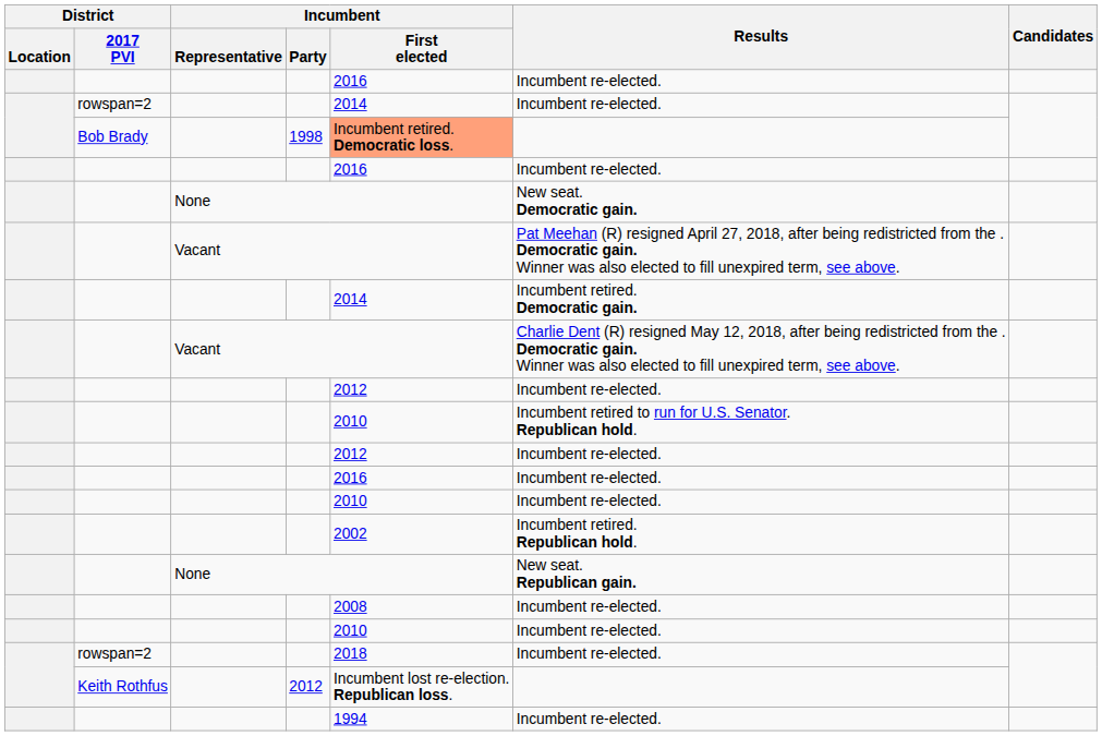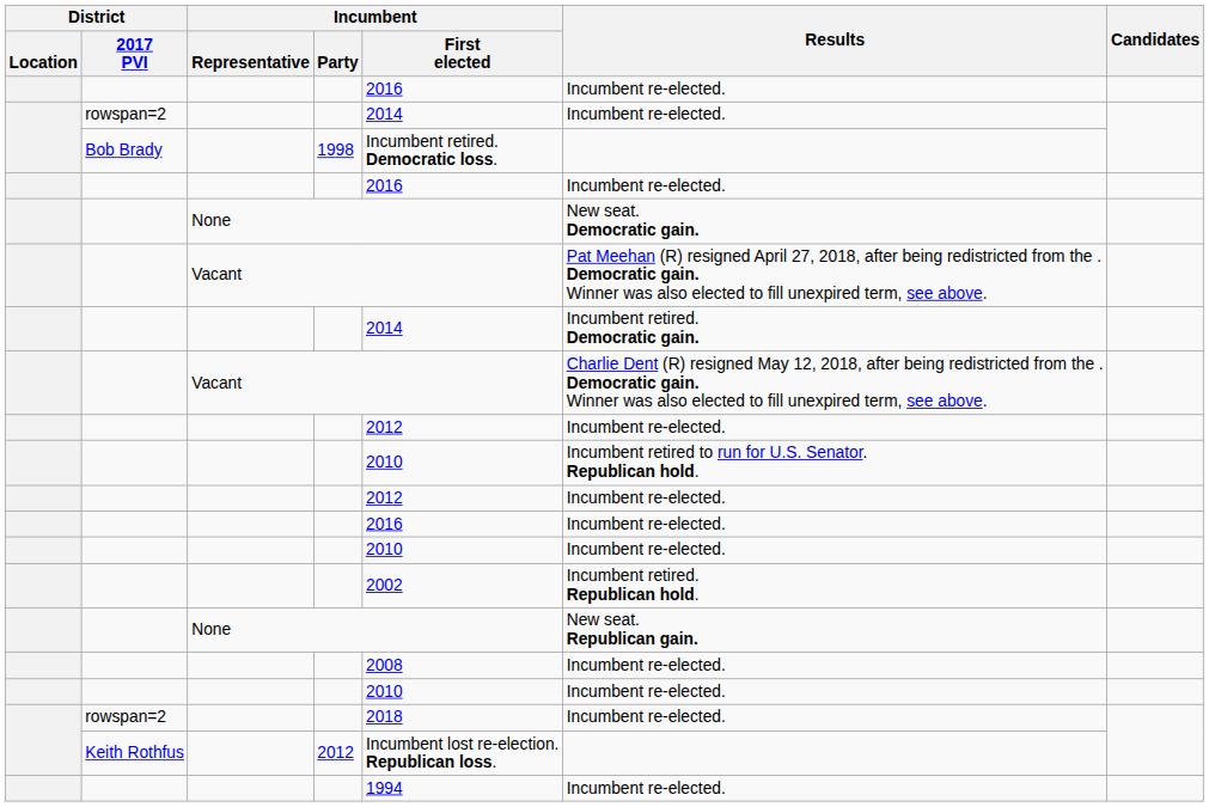 <table class="wikitable sortable">
 <tr>
 <th colspan=2>District</th>
 <th colspan=3>Incumbent</th>
 <th rowspan=2>Results</th>
 <th rowspan=2>Candidates</th>
 </tr>
 <tr valign=bottom>
 <th>Location</th>
 <th><a href='#'>2017<br>PVI</a></th>
 <th>Representative</th>
 <th>Party</th>
 <th>First<br>elected</th>
 </tr>
 <tr>
 <th></th>
 <td></td>
 <td><br></td>
 <td></td>
 <td><a href='#'>2016</a></td>
 <td>Incumbent re-elected.</td>
 <td nowrap></td>
 </tr>
 <tr>
 <th rowspan=2></th>
 <td>rowspan=2 </td>
 <td><br></td>
 <td></td>
 <td><a href='#'>2014</a></td>
 <td>Incumbent re-elected.</td>
 <td nowrap rowspan=2></td>
 </tr>
 <tr>
 <td><a href='#'>Bob Brady</a><br></td>
 <td></td>
 <td><a href='#'>1998 </a></td>
-<td style="background: lightsalmon;">Incumbent retired.<br><strong>Democratic loss</strong>.</td>
+<td>Incumbent retired.<br><strong>Democratic loss</strong>.</td>
 </tr>
 <tr>
 <th></th>
 <td></td>
 <td><br></td>
 <td></td>
 <td><a href='#'>2016</a></td>
 <td>Incumbent re-elected.</td>
 <td nowrap></td>
 </tr>
 <tr>
 <th></th>
 <td></td>
 <td colspan=3>None </td>
 <td>New seat.<br><strong>Democratic gain.</strong></td>
 <td nowrap></td>
 </tr>
 <tr>
 <th></th>
 <td></td>
 <td colspan=3>Vacant</td>
 <td><a href='#'>Pat Meehan</a> (R) resigned April 27, 2018, after being redistricted from the .<br><strong>Democratic gain.</strong><br>Winner was also elected to fill unexpired term, <a href='#'>see above</a>.</td>
 <td nowrap></td>
 </tr>
 <tr>
 <th></th>
 <td></td>
 <td></td>
 <td></td>
 <td><a href='#'>2014</a></td>
 <td>Incumbent retired.<br><strong>Democratic gain.</strong></td>
 <td nowrap></td>
 </tr>
 <tr>
 <th></th>
 <td></td>
 <td colspan=3>Vacant</td>
 <td><a href='#'>Charlie Dent</a> (R) resigned May 12, 2018, after being redistricted from the .<br><strong>Democratic gain.</strong><br>Winner was also elected to fill unexpired term, <a href='#'>see above</a>.</td>
 <td nowrap></td>
 </tr>
 <tr>
 <th></th>
 <td></td>
 <td><br></td>
 <td></td>
 <td><a href='#'>2012</a></td>
 <td>Incumbent re-elected.</td>
 <td nowrap></td>
 </tr>
 <tr>
 <th></th>
 <td></td>
 <td><br></td>
 <td></td>
 <td><a href='#'>2010</a></td>
 <td>Incumbent retired to <a href='#'>run for U.S. Senator</a>.<br><strong>Republican hold</strong>.</td>
 <td nowrap></td>
 </tr>
 <tr>
 <th></th>
 <td></td>
 <td><br></td>
 <td></td>
 <td><a href='#'>2012</a></td>
 <td>Incumbent re-elected.</td>
 <td nowrap></td>
 </tr>
 <tr>
 <th></th>
 <td></td>
 <td><br></td>
 <td></td>
 <td><a href='#'>2016</a></td>
 <td>Incumbent re-elected.</td>
 <td nowrap></td>
 </tr>
 <tr>
 <th></th>
 <td></td>
 <td><br></td>
 <td></td>
 <td><a href='#'>2010</a></td>
 <td>Incumbent re-elected.</td>
 <td nowrap></td>
 </tr>
 <tr>
 <th></th>
 <td></td>
 <td><br></td>
 <td></td>
 <td><a href='#'>2002</a></td>
 <td>Incumbent retired.<br><strong>Republican hold</strong>.</td>
 <td nowrap></td>
 </tr>
 <tr>
 <th></th>
 <td></td>
 <td colspan=3>None </td>
 <td>New seat.<br><strong>Republican gain.</strong></td>
 <td nowrap></td>
 </tr>
 <tr>
 <th></th>
 <td></td>
 <td><br></td>
 <td></td>
 <td><a href='#'>2008</a></td>
 <td>Incumbent re-elected.</td>
 <td nowrap></td>
 </tr>
 <tr>
 <th></th>
 <td></td>
 <td><br></td>
 <td></td>
 <td><a href='#'>2010</a></td>
 <td>Incumbent re-elected.</td>
 <td nowrap></td>
 </tr>
 <tr>
 <th rowspan=2></th>
 <td>rowspan=2 </td>
 <td><br></td>
 <td></td>
 <td><a href='#'>2018 </a></td>
 <td>Incumbent re-elected.</td>
 <td rowspan=2 nowrap></td>
 </tr>
 <tr>
 <td><a href='#'>Keith Rothfus</a><br></td>
 <td></td>
 <td><a href='#'>2012</a></td>
 <td>Incumbent lost re-election.<br><strong>Republican loss</strong>.</td>
 </tr>
 <tr>
 <th></th>
 <td></td>
 <td><br></td>
 <td></td>
 <td><a href='#'>1994</a></td>
 <td>Incumbent re-elected.</td>
 <td nowrap></td>
 </tr>
 </table>
